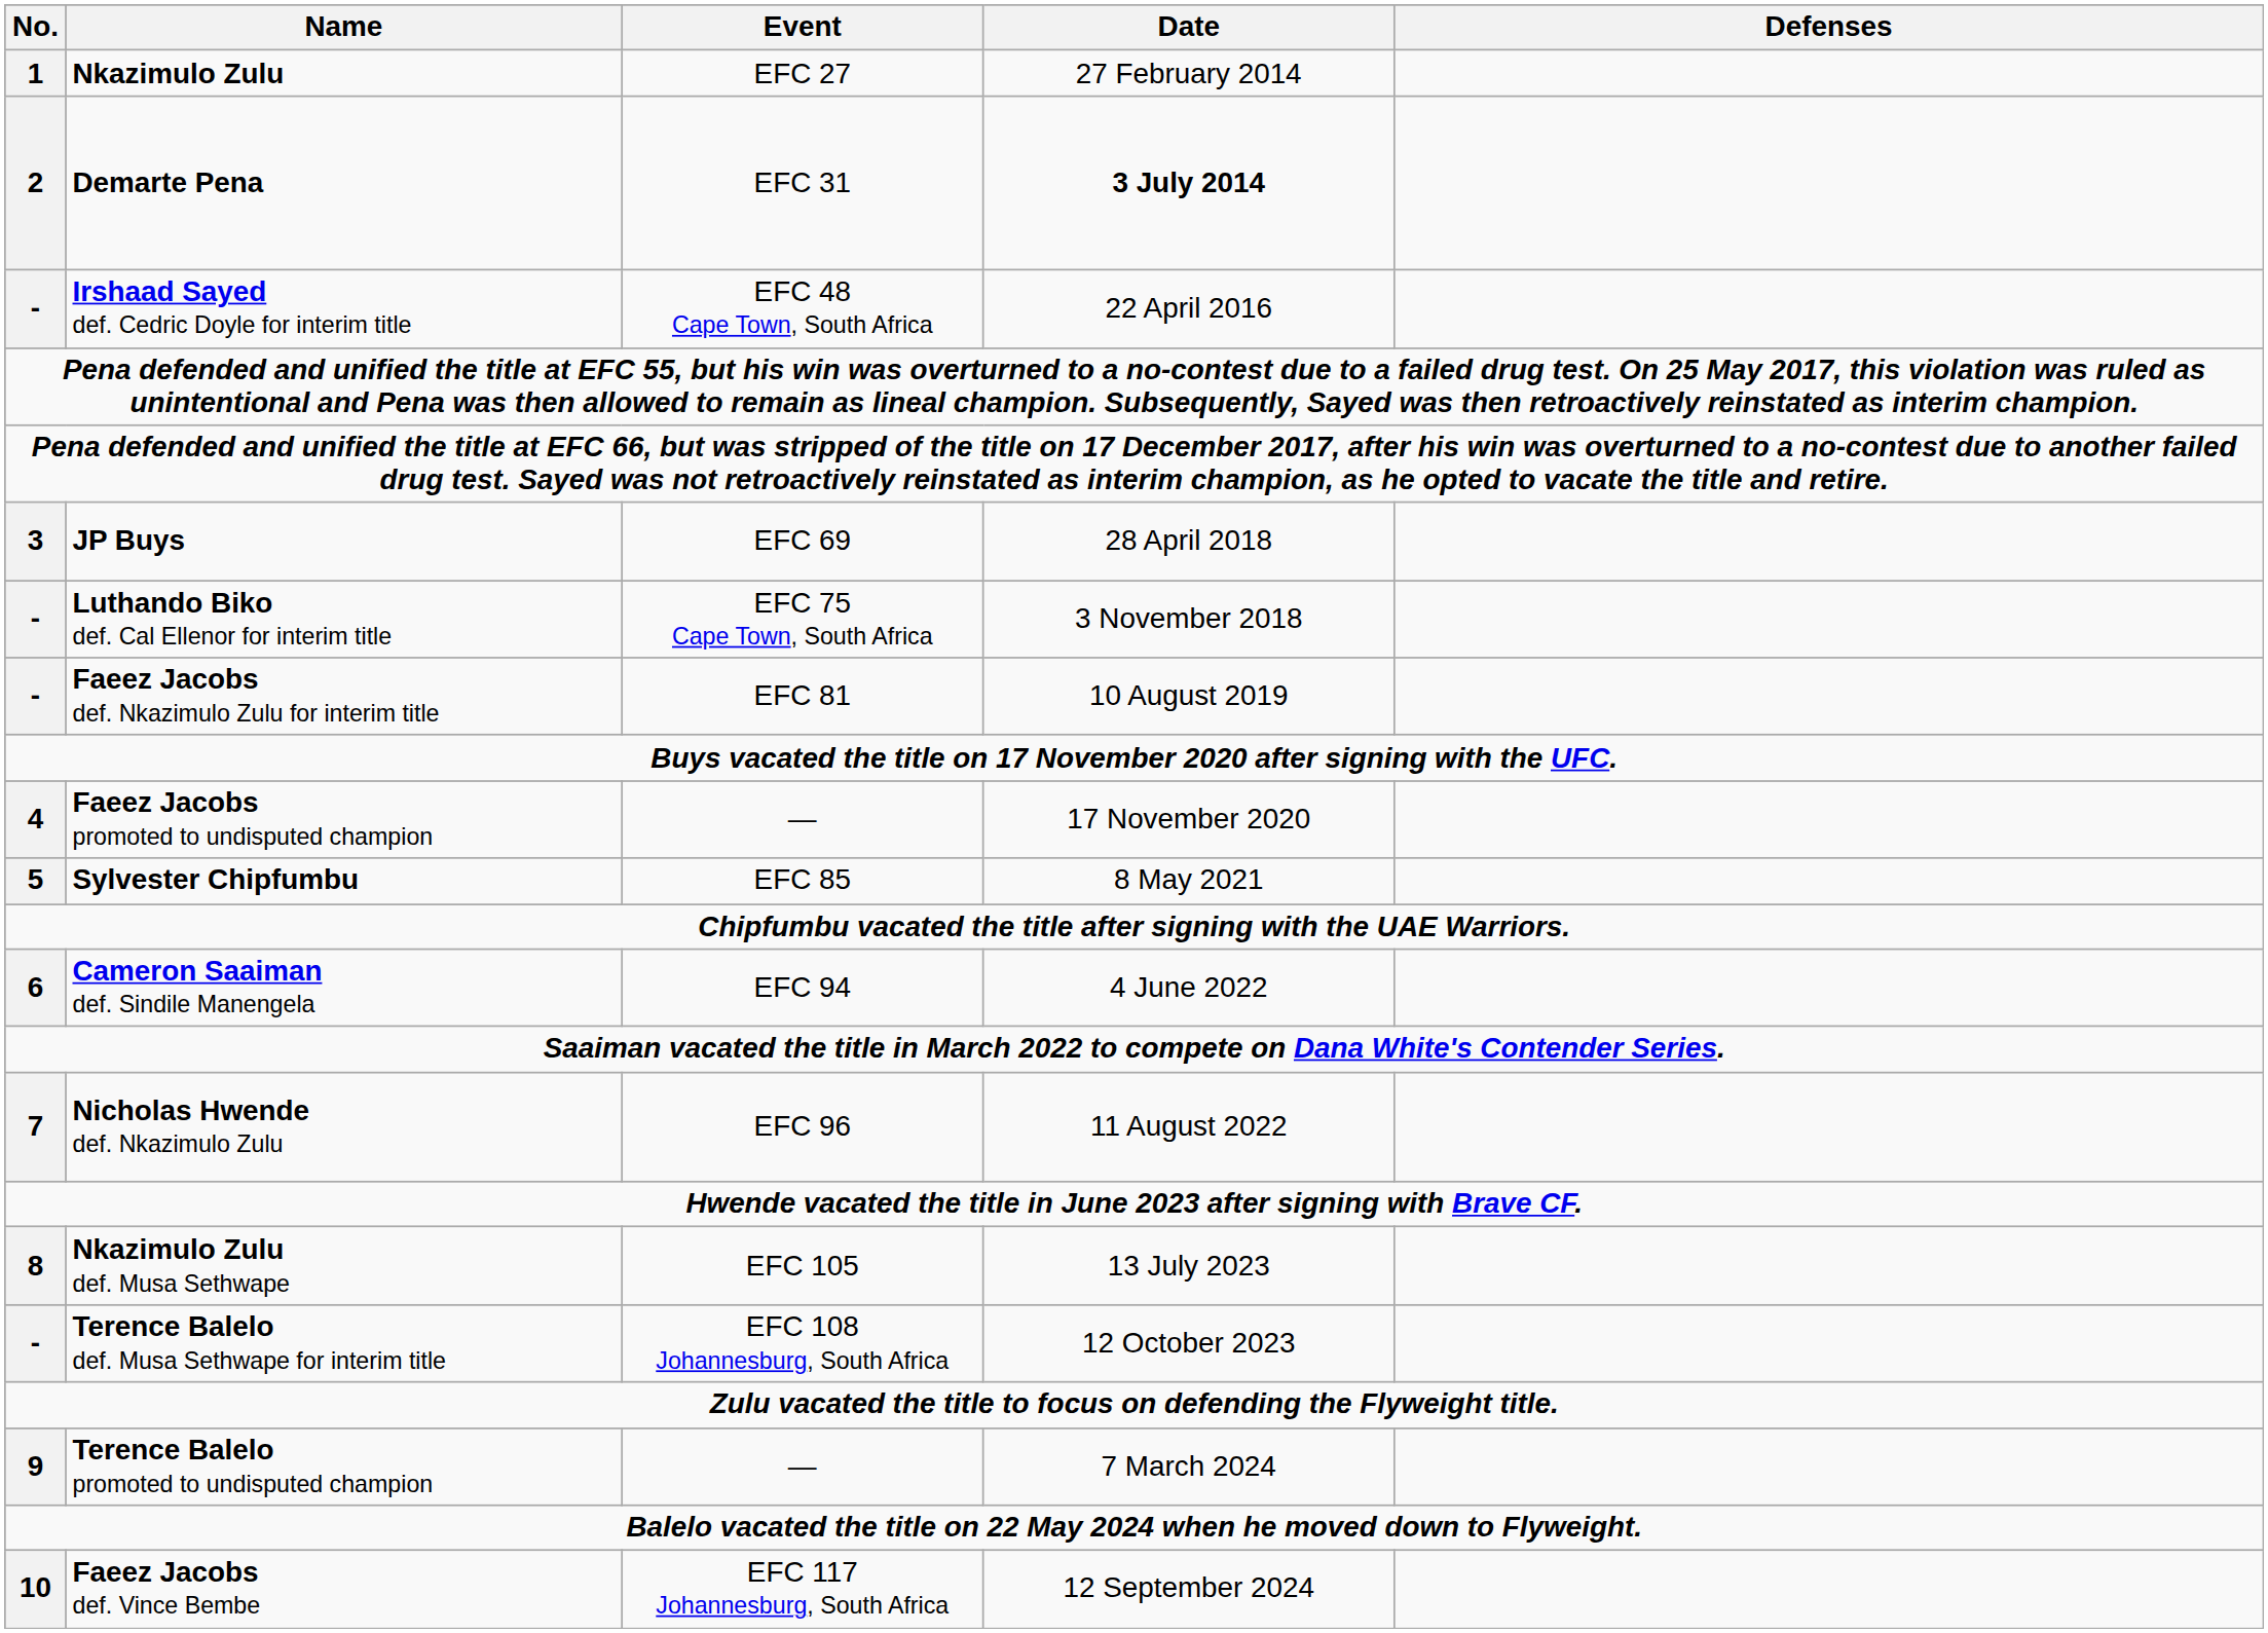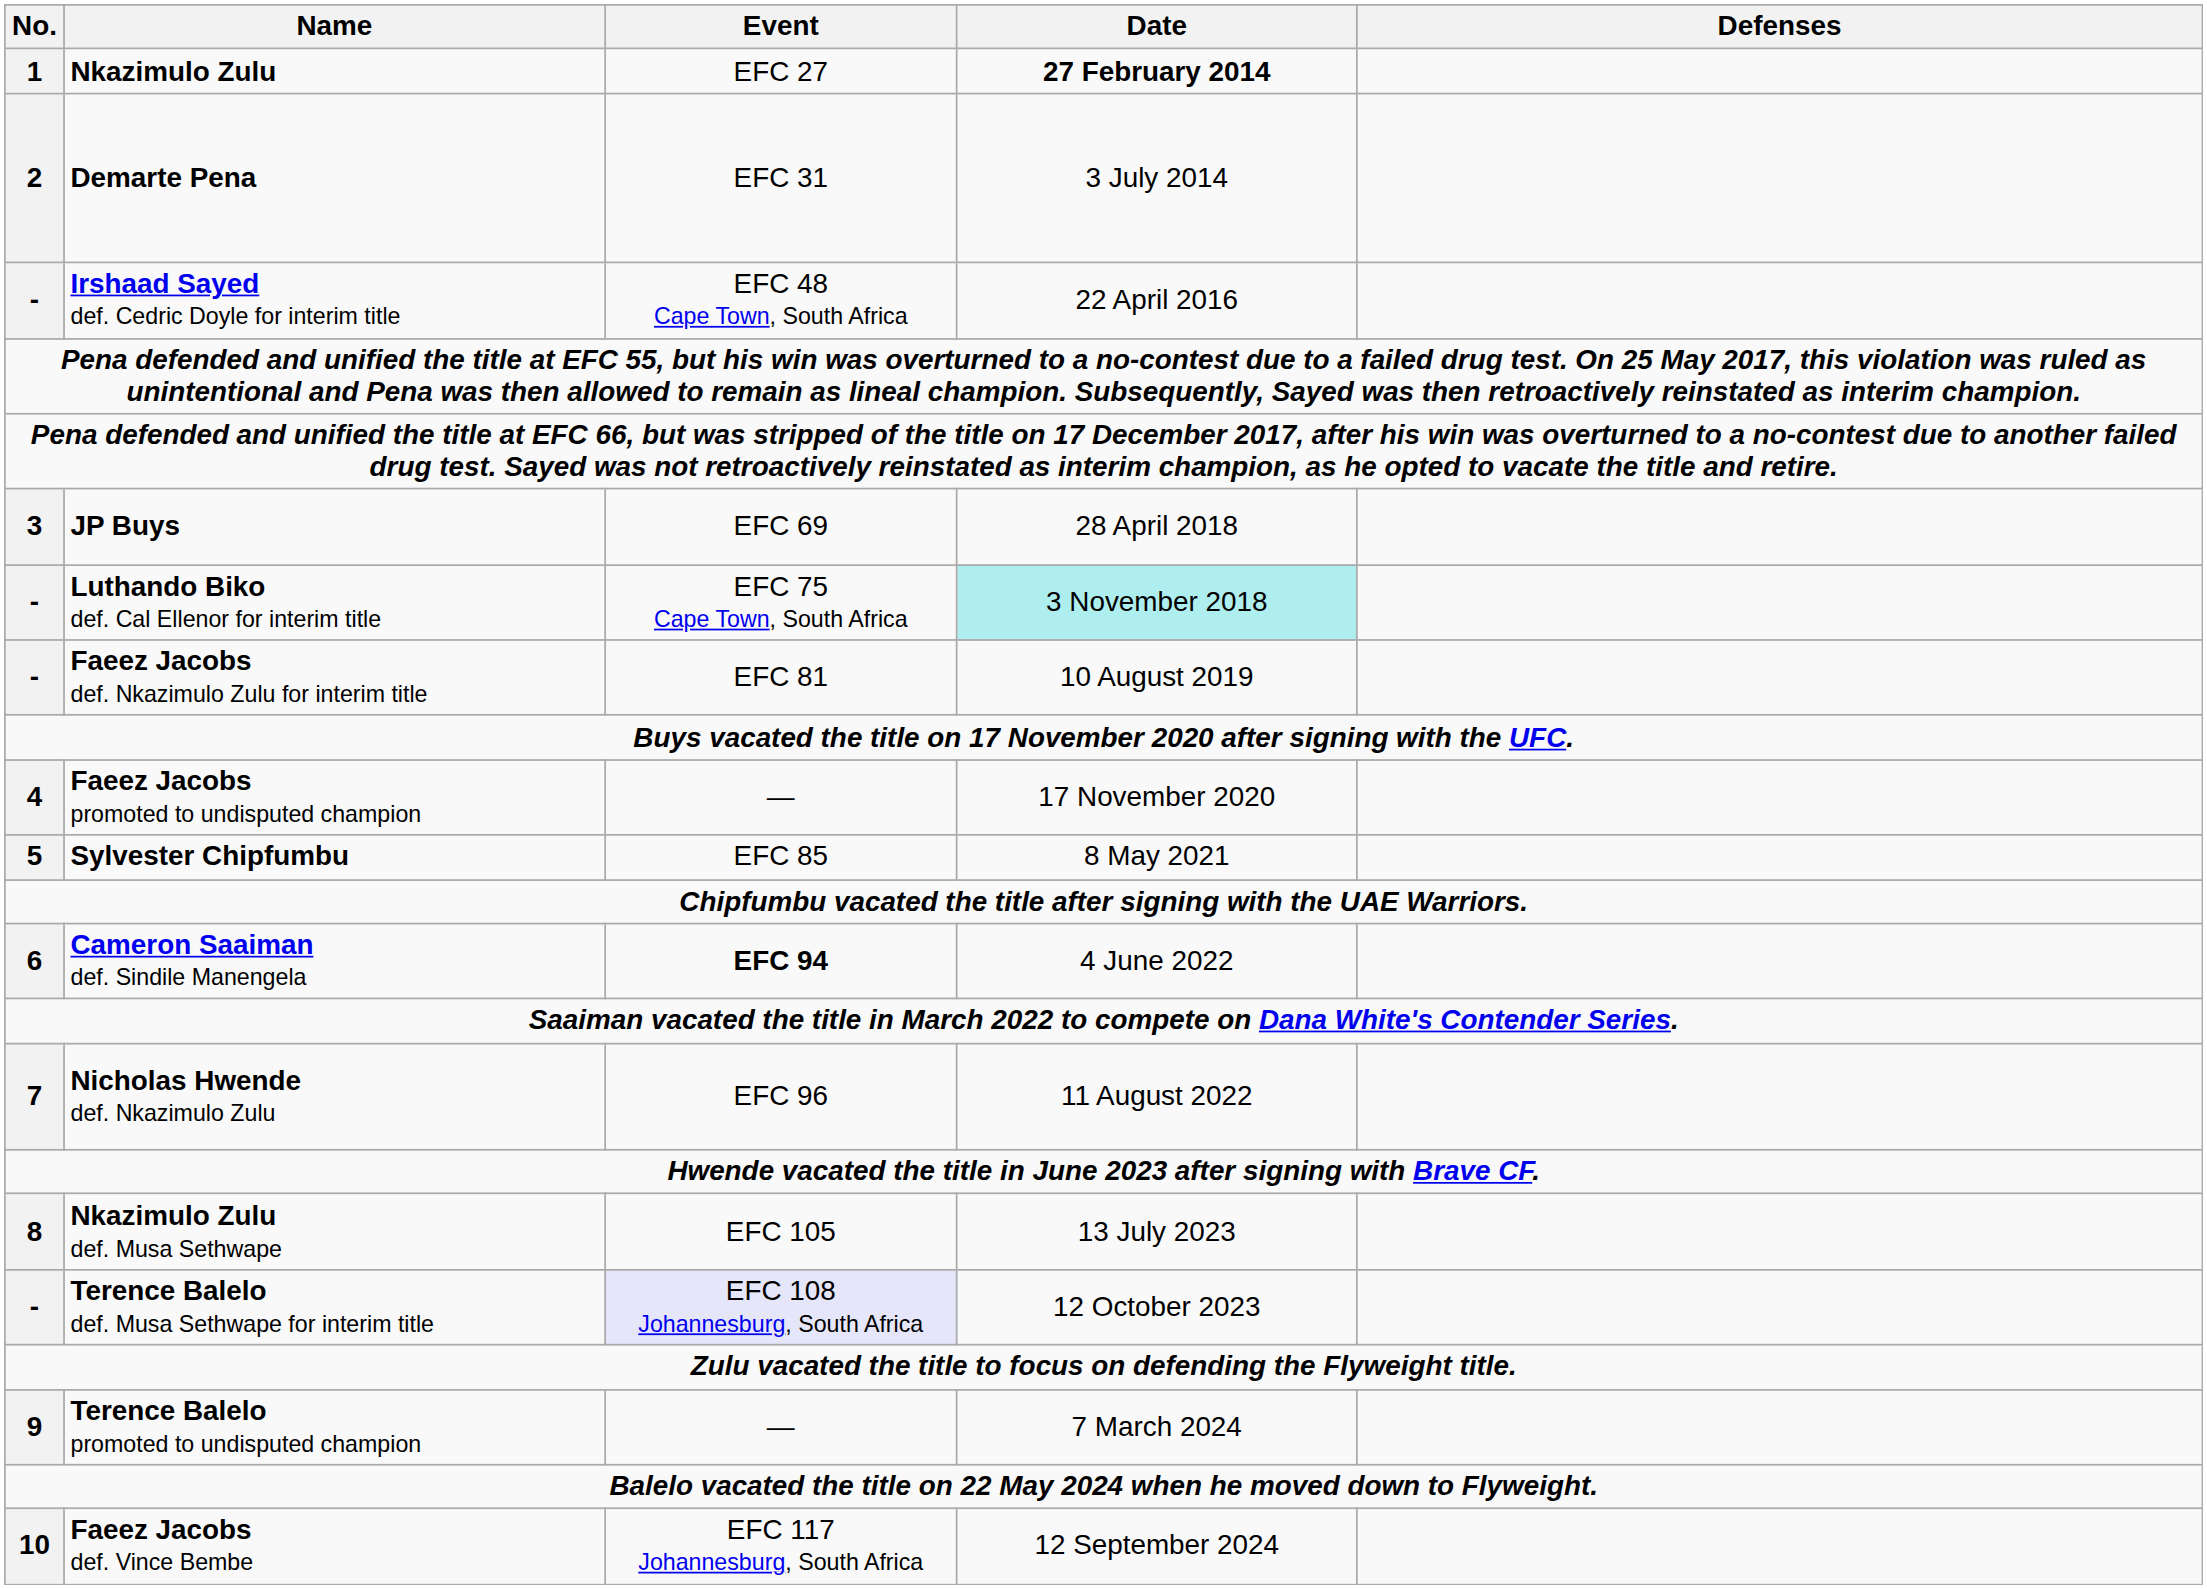 <table class="wikitable" width=100%>
 <tr>
 <th width=1%>No.</th>
 <th width=23%>Name</th>
 <th width=15%>Event</th>
 <th width=17%>Date</th>
 <th width=36%>Defenses</th>
 </tr>
 <tr>
 <th>1</th>
 <td align=left> <strong>Nkazimulo Zulu</strong><br></td>
 <td align=center>EFC 27<br></td>
-<td align=center>27 February 2014</td>
+<td align=center><strong>27 February 2014</strong></td>
 <td></td>
 </tr>
 <tr>
 <th>2</th>
 <td align=left> <strong>Demarte Pena</strong></td>
 <td align=center>EFC 31<br></td>
-<td align=center><strong>3 July 2014</strong></td>
+<td align=center>3 July 2014</td>
 <td><br><br> <br> <br> <br></td>
 </tr>
 <tr>
 <th>-</th>
 <td align=left> <strong><a href='#'>Irshaad Sayed</a></strong><br><small>def. Cedric Doyle for interim title</small></td>
 <td align=center>EFC 48<br><small><a href='#'>Cape Town</a>, South Africa</small></td>
 <td align="center">22 April 2016</td>
 <td></td>
 </tr>
 <tr>
 <td colspan="5" align="center"><strong><em>Pena defended and unified the title at EFC 55, but his win was overturned to a no-contest due to a failed drug test. On 25 May 2017, this violation was ruled as unintentional and Pena was then allowed to remain as lineal champion. Subsequently, Sayed was then retroactively reinstated as interim champion.</em></strong></td>
 </tr>
 <tr>
 <td colspan="5" align="center"><strong><em>Pena defended and unified the title at EFC 66, but was stripped of the title on 17 December 2017, after his win was overturned to a no-contest due to another failed drug test.</em></strong> <strong><em>Sayed was not retroactively reinstated as interim champion, as he opted to vacate the title and retire.</em></strong></td>
 </tr>
 <tr>
 <th>3</th>
 <td align=left> <strong>JP Buys</strong><br></td>
 <td align=center>EFC 69<br></td>
 <td align=center>28 April 2018</td>
 <td><br><br></td>
 </tr>
 <tr>
 <th>-</th>
 <td align=left> <strong>Luthando Biko</strong><br><small>def. Cal Ellenor for interim title</small></td>
 <td align=center>EFC 75<br><small><a href='#'>Cape Town</a>, South Africa</small></td>
-<td align="center">3 November 2018</td>
+<td align="center" style="background: paleturquoise;">3 November 2018</td>
 <td></td>
 </tr>
 <tr>
 <th>-</th>
 <td align=left> <strong>Faeez Jacobs</strong><br><small>def. Nkazimulo Zulu for interim title</small></td>
 <td align=center>EFC 81<br></td>
 <td align="center">10 August 2019</td>
 <td></td>
 </tr>
 <tr>
 <td colspan="5" align="center"><strong><em>Buys vacated the title on 17 November 2020 after signing with the <a href='#'>UFC</a>.</em></strong></td>
 </tr>
 <tr>
 <th>4</th>
 <td align=left> <strong>Faeez Jacobs</strong><br><small>promoted to undisputed champion</small></td>
 <td align=center>—</td>
 <td align=center>17 November 2020</td>
 <td></td>
 </tr>
 <tr>
 <th>5</th>
 <td align=left> <strong>Sylvester Chipfumbu</strong></td>
 <td align=center>EFC 85<br></td>
 <td align=center>8 May 2021</td>
 <td></td>
 </tr>
 <tr>
 <td colspan="5" align="center"><strong><em>Chipfumbu vacated the title after signing with the UAE Warriors.</em></strong></td>
 </tr>
 <tr>
 <th>6</th>
 <td align=left> <strong><a href='#'>Cameron Saaiman</a></strong><br><small>def. Sindile Manengela</small></td>
-<td align=center>EFC 94<br></td>
+<td align=center><strong>EFC 94<br></strong></td>
 <td align=center>4 June 2022</td>
 <td></td>
 </tr>
 <tr>
 <td style="text-align:center" colspan="5"><strong><em>Saaiman vacated the title in March 2022 to compete on <a href='#'>Dana White's Contender Series</a>.</em></strong></td>
 </tr>
 <tr>
 <th>7</th>
 <td align=left> <strong>Nicholas Hwende</strong><br><small>def. Nkazimulo Zulu</small></td>
 <td align=center>EFC 96<br></td>
 <td align=center>11 August 2022</td>
 <td><br><br> <br></td>
 </tr>
 <tr>
 <td style="text-align:center" colspan="5"><strong><em>Hwende vacated the title in June 2023 after signing with <a href='#'>Brave CF</a>.</em></strong></td>
 </tr>
 <tr>
 <th>8</th>
 <td align=left> <strong>Nkazimulo Zulu</strong>  <br><small>def. Musa Sethwape</small></td>
 <td align=center>EFC 105<br></td>
 <td align=center>13 July 2023</td>
 <td></td>
 </tr>
 <tr>
 <th>-</th>
 <td align=left> <strong>Terence Balelo</strong><br><small>def. Musa Sethwape for interim title</small></td>
-<td align=center>EFC 108<br><small><a href='#'>Johannesburg</a>, South Africa</small></td>
+<td align=center style="background: lavender;">EFC 108<br><small><a href='#'>Johannesburg</a>, South Africa</small></td>
 <td align="center">12 October 2023</td>
 <td></td>
 </tr>
 <tr>
 <td align="center" colspan="5"><strong><em>Zulu vacated the title to focus on defending the Flyweight title.</em></strong></td>
 </tr>
 <tr>
 <th>9</th>
 <td align=left> <strong>Terence Balelo</strong><br><small>promoted to undisputed champion</small></td>
 <td align=center>—</td>
 <td align="center">7 March 2024</td>
 <td></td>
 </tr>
 <tr>
 <td align="center" colspan="5"><strong><em>Balelo vacated the title on 22 May 2024 when he moved down to Flyweight.</em></strong></td>
 </tr>
 <tr>
 <th>10</th>
 <td align=left> <strong>Faeez Jacobs</strong>  <br><small>def. Vince Bembe</small></td>
 <td align=center>EFC 117<br><small><a href='#'>Johannesburg</a>, South Africa</small></td>
 <td align="center">12 September 2024</td>
 <td><br></td>
 </tr>
 <tr>
 </tr>
 </table>
